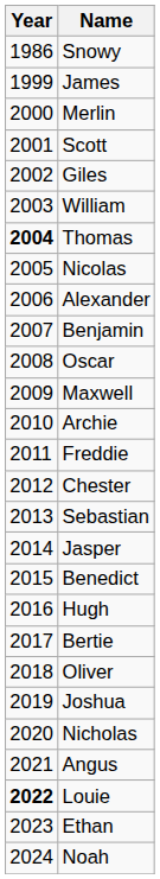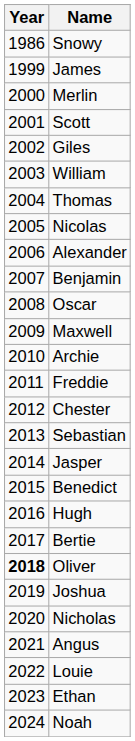 <table class="wikitable">
 <tr>
 <th>Year</th>
 <th>Name</th>
 </tr>
 <tr>
 <td>1986</td>
 <td>Snowy</td>
 </tr>
 <tr>
 <td>1999</td>
 <td>James</td>
 </tr>
 <tr>
 <td>2000</td>
 <td>Merlin</td>
 </tr>
 <tr>
 <td>2001</td>
 <td>Scott</td>
 </tr>
 <tr>
 <td>2002</td>
 <td>Giles</td>
 </tr>
 <tr>
 <td>2003</td>
 <td>William</td>
 </tr>
 <tr>
-<td><strong>2004</strong></td>
+<td>2004</td>
 <td>Thomas</td>
 </tr>
 <tr>
 <td>2005</td>
 <td>Nicolas</td>
 </tr>
 <tr>
 <td>2006</td>
 <td>Alexander</td>
 </tr>
 <tr>
 <td>2007</td>
 <td>Benjamin</td>
 </tr>
 <tr>
 <td>2008</td>
 <td>Oscar</td>
 </tr>
 <tr>
 <td>2009</td>
 <td>Maxwell</td>
 </tr>
 <tr>
 <td>2010</td>
 <td>Archie</td>
 </tr>
 <tr>
 <td>2011</td>
 <td>Freddie</td>
 </tr>
 <tr>
 <td>2012</td>
 <td>Chester</td>
 </tr>
 <tr>
 <td>2013</td>
 <td>Sebastian</td>
 </tr>
 <tr>
 <td>2014</td>
 <td>Jasper</td>
 </tr>
 <tr>
 <td>2015</td>
 <td>Benedict</td>
 </tr>
 <tr>
 <td>2016</td>
 <td>Hugh</td>
 </tr>
 <tr>
 <td>2017</td>
 <td>Bertie</td>
 </tr>
 <tr>
-<td>2018</td>
+<td><strong>2018</strong></td>
 <td>Oliver</td>
 </tr>
 <tr>
 <td>2019</td>
 <td>Joshua</td>
 </tr>
 <tr>
 <td>2020</td>
 <td>Nicholas</td>
 </tr>
 <tr>
 <td>2021</td>
 <td>Angus</td>
 </tr>
 <tr>
-<td><strong>2022</strong></td>
+<td>2022</td>
 <td>Louie</td>
 </tr>
 <tr>
 <td>2023</td>
 <td>Ethan</td>
 </tr>
 <tr>
 <td>2024</td>
 <td>Noah</td>
 </tr>
 </table>
